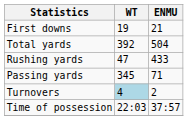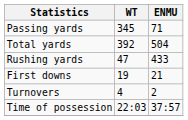 <table class="wikitable">
 <tr>
 <th>Statistics</th>
 <th>WT</th>
 <th>ENMU</th>
 </tr>
 <tr>
-<td>First downs</td>
-<td>19</td>
-<td>21</td>
+<td>Passing yards</td>
+<td>345</td>
+<td>71</td>
 </tr>
 <tr>
 <td>Total yards</td>
 <td>392</td>
 <td>504</td>
 </tr>
 <tr>
 <td>Rushing yards</td>
 <td>47</td>
 <td>433</td>
 </tr>
 <tr>
-<td>Passing yards</td>
-<td>345</td>
-<td>71</td>
+<td>First downs</td>
+<td>19</td>
+<td>21</td>
 </tr>
 <tr>
 <td>Turnovers</td>
-<td style="background: lightblue;">4</td>
+<td>4</td>
 <td>2</td>
 </tr>
 <tr>
 <td>Time of possession</td>
 <td>22:03</td>
 <td>37:57</td>
 </tr>
 <tr>
 </tr>
 </table>
